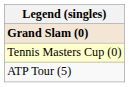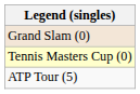 <table class="wikitable sortable mw-collapsible mw-collapsed">
 <tr>
 <th>Legend (singles)</th>
 </tr>
 <tr style="background:#f3e6d7;">
-<td><strong>Grand Slam (0)</strong></td>
+<td>Grand Slam (0)</td>
 </tr>
 <tr style="background:#ffc;">
 <td>Tennis Masters Cup (0)</td>
 </tr>
 <tr>
 <td>ATP Tour (5)</td>
 </tr>
 </table>
